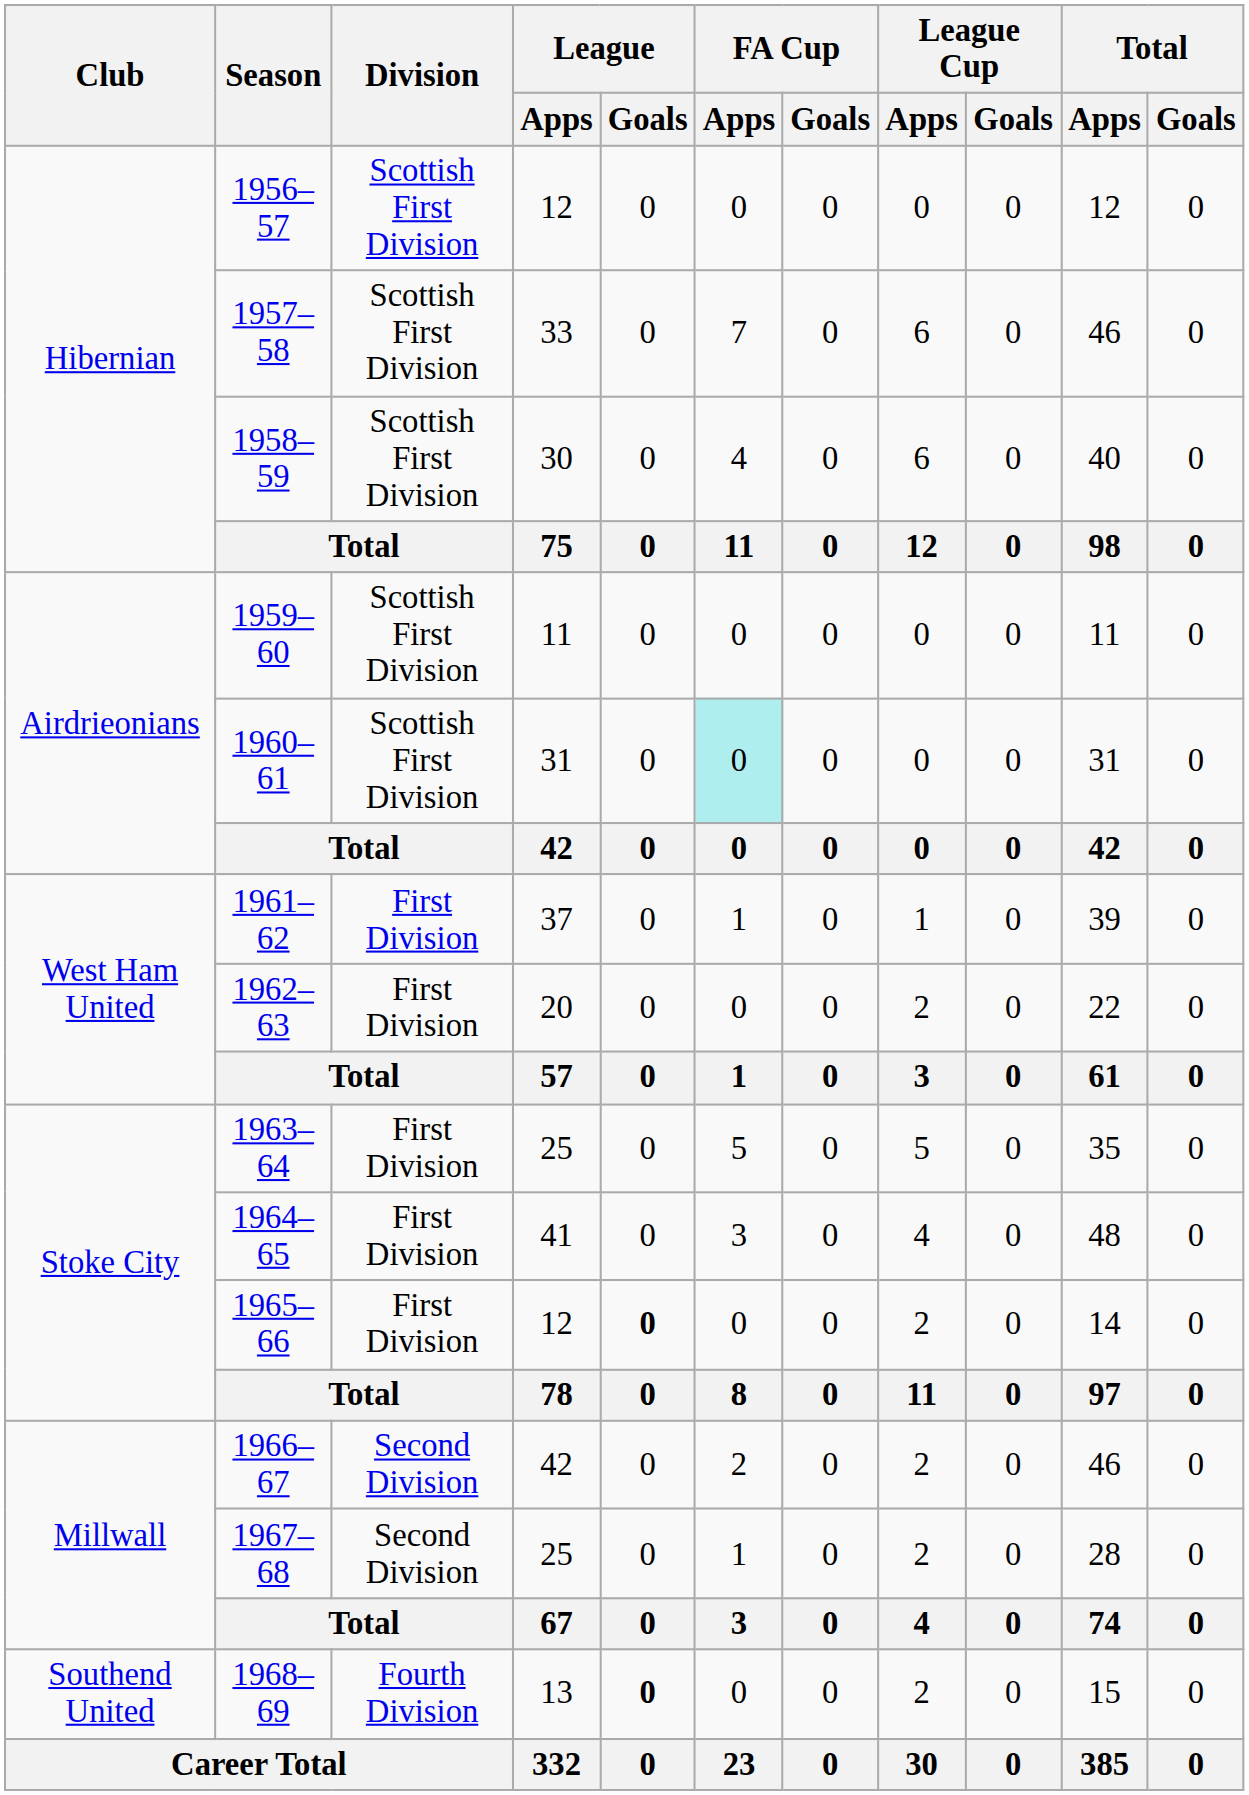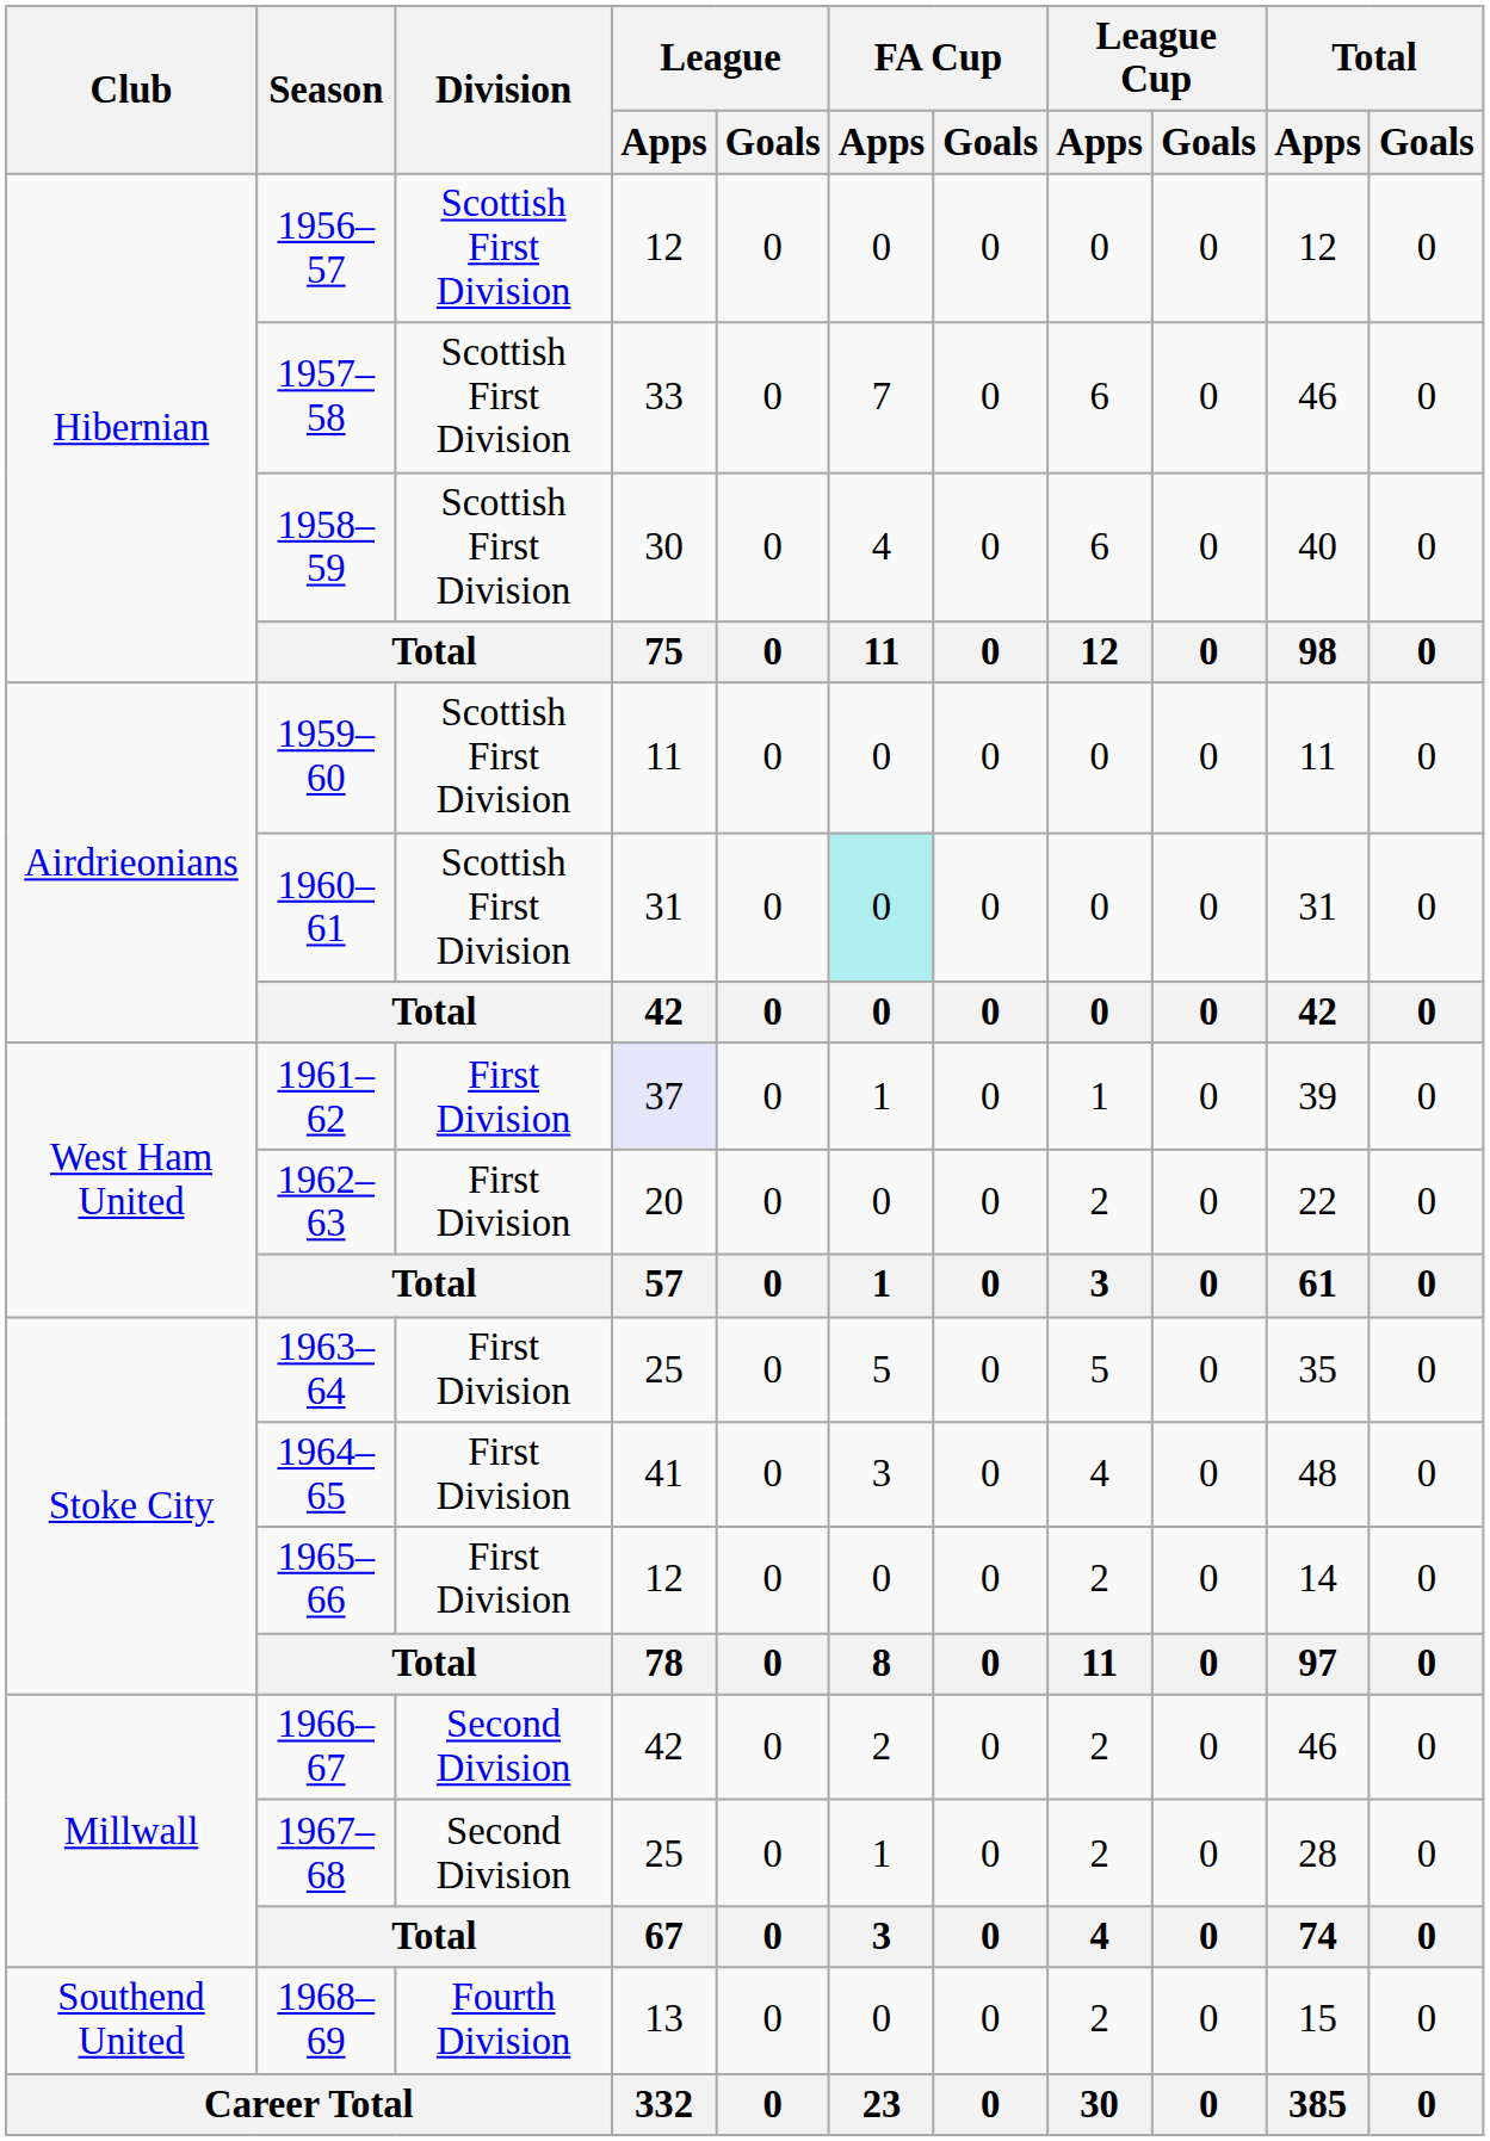 <table class="wikitable" style="text-align: center;">
 <tr>
 <th rowspan="2">Club</th>
 <th rowspan="2">Season</th>
 <th rowspan="2">Division</th>
 <th colspan="2">League</th>
 <th colspan="2">FA Cup</th>
 <th colspan="2">League Cup</th>
 <th colspan="2">Total</th>
 </tr>
 <tr>
 <th>Apps</th>
 <th>Goals</th>
 <th>Apps</th>
 <th>Goals</th>
 <th>Apps</th>
 <th>Goals</th>
 <th>Apps</th>
 <th>Goals</th>
 </tr>
 <tr>
 <td rowspan="4"><a href='#'>Hibernian</a></td>
 <td><a href='#'>1956–57</a></td>
 <td><a href='#'>Scottish First Division</a></td>
 <td>12</td>
 <td>0</td>
 <td>0</td>
 <td>0</td>
 <td>0</td>
 <td>0</td>
 <td>12</td>
 <td>0</td>
 </tr>
 <tr>
 <td><a href='#'>1957–58</a></td>
 <td>Scottish First Division</td>
 <td>33</td>
 <td>0</td>
 <td>7</td>
 <td>0</td>
 <td>6</td>
 <td>0</td>
 <td>46</td>
 <td>0</td>
 </tr>
 <tr>
 <td><a href='#'>1958–59</a></td>
 <td>Scottish First Division</td>
 <td>30</td>
 <td>0</td>
 <td>4</td>
 <td>0</td>
 <td>6</td>
 <td>0</td>
 <td>40</td>
 <td>0</td>
 </tr>
 <tr>
 <th colspan="2">Total</th>
 <th>75</th>
 <th>0</th>
 <th>11</th>
 <th>0</th>
 <th>12</th>
 <th>0</th>
 <th>98</th>
 <th>0</th>
 </tr>
 <tr>
 <td rowspan="3"><a href='#'>Airdrieonians</a></td>
 <td><a href='#'>1959–60</a></td>
 <td>Scottish First Division</td>
 <td>11</td>
 <td>0</td>
 <td>0</td>
 <td>0</td>
 <td>0</td>
 <td>0</td>
 <td>11</td>
 <td>0</td>
 </tr>
 <tr>
 <td><a href='#'>1960–61</a></td>
 <td>Scottish First Division</td>
 <td>31</td>
 <td>0</td>
 <td style="background: paleturquoise;">0</td>
 <td>0</td>
 <td>0</td>
 <td>0</td>
 <td>31</td>
 <td>0</td>
 </tr>
 <tr>
 <th colspan="2">Total</th>
 <th>42</th>
 <th>0</th>
 <th>0</th>
 <th>0</th>
 <th>0</th>
 <th>0</th>
 <th>42</th>
 <th>0</th>
 </tr>
 <tr>
 <td rowspan="3"><a href='#'>West Ham United</a></td>
 <td><a href='#'>1961–62</a></td>
 <td><a href='#'>First Division</a></td>
-<td>37</td>
+<td style="background: lavender;">37</td>
 <td>0</td>
 <td>1</td>
 <td>0</td>
 <td>1</td>
 <td>0</td>
 <td>39</td>
 <td>0</td>
 </tr>
 <tr>
 <td><a href='#'>1962–63</a></td>
 <td>First Division</td>
 <td>20</td>
 <td>0</td>
 <td>0</td>
 <td>0</td>
 <td>2</td>
 <td>0</td>
 <td>22</td>
 <td>0</td>
 </tr>
 <tr>
 <th colspan="2">Total</th>
 <th>57</th>
 <th>0</th>
 <th>1</th>
 <th>0</th>
 <th>3</th>
 <th>0</th>
 <th>61</th>
 <th>0</th>
 </tr>
 <tr>
 <td rowspan="4"><a href='#'>Stoke City</a></td>
 <td><a href='#'>1963–64</a></td>
 <td>First Division</td>
 <td>25</td>
 <td>0</td>
 <td>5</td>
 <td>0</td>
 <td>5</td>
 <td>0</td>
 <td>35</td>
 <td>0</td>
 </tr>
 <tr>
 <td><a href='#'>1964–65</a></td>
 <td>First Division</td>
 <td>41</td>
 <td>0</td>
 <td>3</td>
 <td>0</td>
 <td>4</td>
 <td>0</td>
 <td>48</td>
 <td>0</td>
 </tr>
 <tr>
 <td><a href='#'>1965–66</a></td>
 <td>First Division</td>
 <td>12</td>
-<td><strong>0</strong></td>
+<td>0</td>
 <td>0</td>
 <td>0</td>
 <td>2</td>
 <td>0</td>
 <td>14</td>
 <td>0</td>
 </tr>
 <tr>
 <th colspan="2">Total</th>
 <th>78</th>
 <th>0</th>
 <th>8</th>
 <th>0</th>
 <th>11</th>
 <th>0</th>
 <th>97</th>
 <th>0</th>
 </tr>
 <tr>
 <td rowspan="3"><a href='#'>Millwall</a></td>
 <td><a href='#'>1966–67</a></td>
 <td><a href='#'>Second Division</a></td>
 <td>42</td>
 <td>0</td>
 <td>2</td>
 <td>0</td>
 <td>2</td>
 <td>0</td>
 <td>46</td>
 <td>0</td>
 </tr>
 <tr>
 <td><a href='#'>1967–68</a></td>
 <td>Second Division</td>
 <td>25</td>
 <td>0</td>
 <td>1</td>
 <td>0</td>
 <td>2</td>
 <td>0</td>
 <td>28</td>
 <td>0</td>
 </tr>
 <tr>
 <th colspan="2">Total</th>
 <th>67</th>
 <th>0</th>
 <th>3</th>
 <th>0</th>
 <th>4</th>
 <th>0</th>
 <th>74</th>
 <th>0</th>
 </tr>
 <tr>
 <td><a href='#'>Southend United</a></td>
 <td><a href='#'>1968–69</a></td>
 <td><a href='#'>Fourth Division</a></td>
 <td>13</td>
-<td><strong>0</strong></td>
+<td>0</td>
 <td>0</td>
 <td>0</td>
 <td>2</td>
 <td>0</td>
 <td>15</td>
 <td>0</td>
 </tr>
 <tr>
 <th colspan="3">Career Total</th>
 <th>332</th>
 <th>0</th>
 <th>23</th>
 <th>0</th>
 <th>30</th>
 <th>0</th>
 <th>385</th>
 <th>0</th>
 </tr>
 </table>
